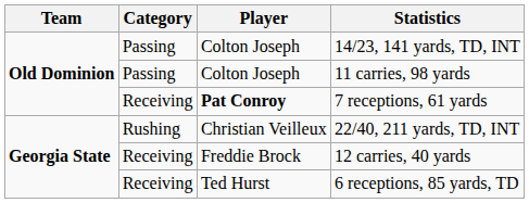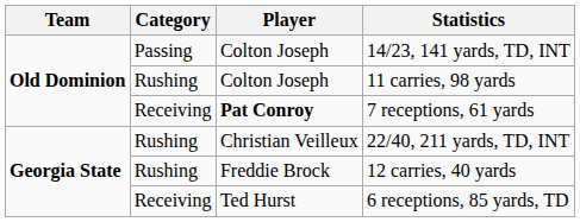 <table class="wikitable" style="float: right;">
 <tr>
 <th>Team</th>
 <th>Category</th>
 <th>Player</th>
 <th>Statistics</th>
 </tr>
 <tr>
 <td rowspan=3><strong>Old Dominion</strong></td>
 <td>Passing</td>
 <td>Colton Joseph</td>
 <td>14/23, 141 yards, TD, INT</td>
 </tr>
 <tr>
-<td>Passing</td>
+<td>Rushing</td>
 <td>Colton Joseph</td>
 <td>11 carries, 98 yards</td>
 </tr>
 <tr>
 <td>Receiving</td>
 <td><strong>Pat Conroy</strong></td>
 <td>7 receptions, 61 yards</td>
 </tr>
 <tr>
 <td rowspan=3><strong>Georgia State</strong></td>
 <td>Rushing</td>
 <td>Christian Veilleux</td>
 <td>22/40, 211 yards, TD, INT</td>
 </tr>
 <tr>
-<td>Receiving</td>
+<td>Rushing</td>
 <td>Freddie Brock</td>
 <td>12 carries, 40 yards</td>
 </tr>
 <tr>
 <td>Receiving</td>
 <td>Ted Hurst</td>
 <td>6 receptions, 85 yards, TD</td>
 </tr>
 </table>
